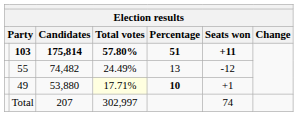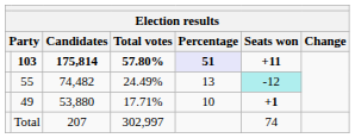 <table class=wikitable>
 <tr>
 <th colspan=7></th>
 </tr>
 <tr>
 <th colspan=7>Election results</th>
 </tr>
 <tr>
 <th colspan=2>Party</th>
 <th>Candidates</th>
 <th>Total votes</th>
 <th>Percentage</th>
 <th>Seats won</th>
 <th>Change</th>
 </tr>
 <tr>
 <td></td>
 <td align=center><strong>103</strong></td>
 <td align=center><strong>175,814</strong></td>
 <td align=center><strong>57.80%</strong></td>
-<td align=center><strong>51</strong></td>
+<td align=center style="background: lavender;"><strong>51</strong></td>
 <td align=center><strong>+11</strong></td>
 </tr>
 <tr>
 <td></td>
 <td align=center>55</td>
 <td align=center>74,482</td>
 <td align=center>24.49%</td>
 <td align=center>13</td>
-<td align=center>-12</td>
+<td align=center style="background: paleturquoise;">-12</td>
 </tr>
 <tr>
 <td></td>
 <td align=center>49</td>
 <td align=center>53,880</td>
-<td align=center style="background: lightyellow;">17.71%</td>
-<td align=center><strong>10</strong></td>
-<td align=center>+1</td>
+<td align=center>17.71%</td>
+<td align=center>10</td>
+<td align=center><strong>+1</strong></td>
 </tr>
 <tr>
 <td></td>
 <td>Total</td>
 <td align=center>207</td>
 <td align=center>302,997</td>
 <td align=center></td>
 <td align=center>74</td>
 <td align=center></td>
 </tr>
 </table>
